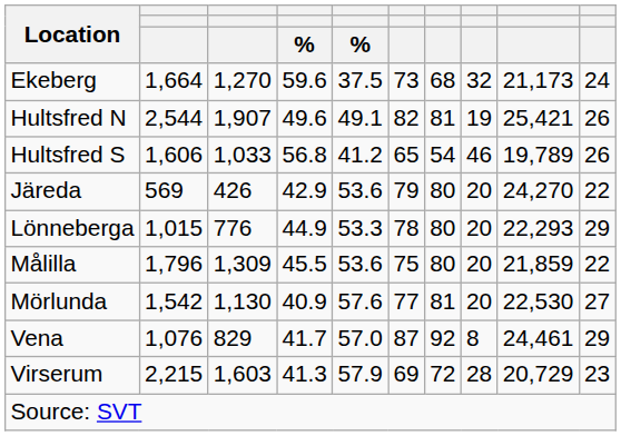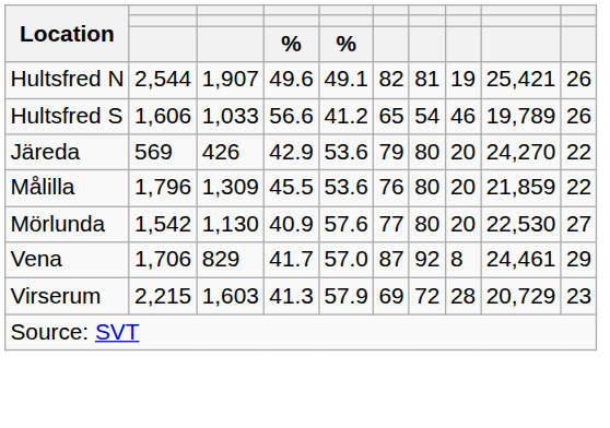 <table role="presentation" class="wikitable sortable mw-collapsible">
 <tr>
 <th rowspan="3">Location</th>
 <th></th>
 <th></th>
 <th></th>
 <th></th>
 <th></th>
 <th></th>
 <th></th>
 <th></th>
 <th></th>
 </tr>
 <tr>
 <th></th>
 <th></th>
 <th style="background:"></th>
 <th style="background:"></th>
 <th></th>
 <th></th>
 <th></th>
 <th></th>
 <th></th>
 </tr>
 <tr>
 <th data-sort-type="number"></th>
 <th data-sort-type="number"></th>
 <th data-sort-type="number">%</th>
 <th data-sort-type="number">%</th>
 <th data-sort-type="number"></th>
 <th data-sort-type="number"></th>
 <th data-sort-type="number"></th>
 <th data-sort-type="number"></th>
 <th data-sort-type="number"></th>
 </tr>
 <tr>
-<td align="left">Ekeberg</td>
-<td>1,664</td>
-<td>1,270</td>
-<td>59.6</td>
-<td>37.5</td>
-<td>73</td>
-<td>68</td>
-<td>32</td>
-<td>21,173</td>
-<td>24</td>
-</tr>
-<tr>
 <td align="left">Hultsfred N</td>
 <td>2,544</td>
 <td>1,907</td>
 <td>49.6</td>
 <td>49.1</td>
 <td>82</td>
 <td>81</td>
 <td>19</td>
 <td>25,421</td>
 <td>26</td>
 </tr>
 <tr>
 <td align="left">Hultsfred S</td>
 <td>1,606</td>
 <td>1,033</td>
-<td>56.8</td>
+<td>56.6</td>
 <td>41.2</td>
 <td>65</td>
 <td>54</td>
 <td>46</td>
 <td>19,789</td>
 <td>26</td>
 </tr>
 <tr>
 <td align="left">Järeda</td>
 <td>569</td>
 <td>426</td>
 <td>42.9</td>
 <td>53.6</td>
 <td>79</td>
 <td>80</td>
 <td>20</td>
 <td>24,270</td>
 <td>22</td>
 </tr>
 <tr>
-<td align="left">Lönneberga</td>
-<td>1,015</td>
-<td>776</td>
-<td>44.9</td>
-<td>53.3</td>
-<td>78</td>
-<td>80</td>
-<td>20</td>
-<td>22,293</td>
-<td>29</td>
-</tr>
-<tr>
 <td align="left">Målilla</td>
 <td>1,796</td>
 <td>1,309</td>
 <td>45.5</td>
 <td>53.6</td>
-<td>75</td>
+<td>76</td>
 <td>80</td>
 <td>20</td>
 <td>21,859</td>
 <td>22</td>
 </tr>
 <tr>
 <td align="left">Mörlunda</td>
 <td>1,542</td>
 <td>1,130</td>
 <td>40.9</td>
 <td>57.6</td>
 <td>77</td>
-<td>81</td>
+<td>80</td>
 <td>20</td>
 <td>22,530</td>
 <td>27</td>
 </tr>
 <tr>
 <td align="left">Vena</td>
-<td>1,076</td>
+<td>1,706</td>
 <td>829</td>
 <td>41.7</td>
 <td>57.0</td>
 <td>87</td>
 <td>92</td>
 <td>8</td>
 <td>24,461</td>
 <td>29</td>
 </tr>
 <tr>
 <td align="left">Virserum</td>
 <td>2,215</td>
 <td>1,603</td>
 <td>41.3</td>
 <td>57.9</td>
 <td>69</td>
 <td>72</td>
 <td>28</td>
 <td>20,729</td>
 <td>23</td>
 </tr>
 <tr>
 <td colspan="10" align="left">Source: <a href='#'>SVT</a></td>
 </tr>
 </table>
